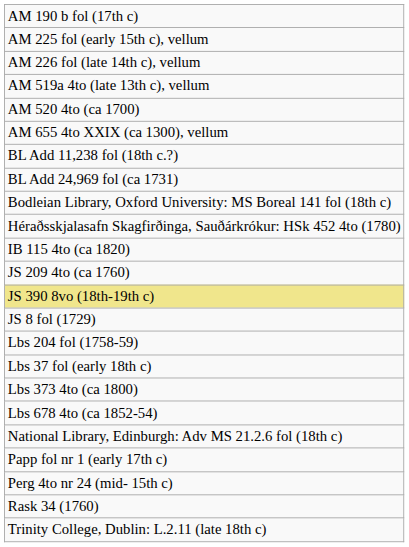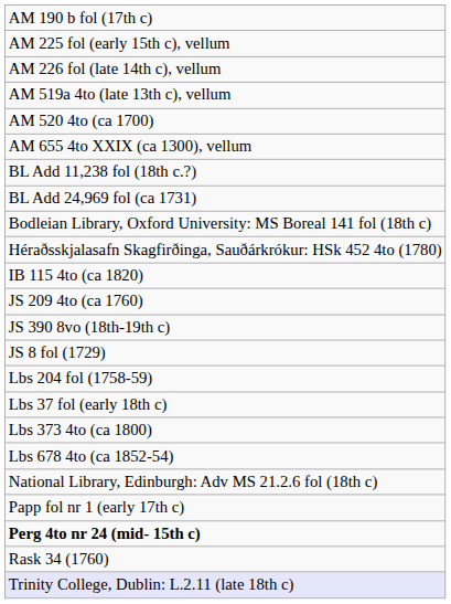 <table class="wikitable">
 <tr>
 <td>AM 190 b fol (17th c)</td>
 </tr>
 <tr>
 <td>AM 225 fol (early 15th c), vellum</td>
 </tr>
 <tr>
 <td>AM 226 fol (late 14th c), vellum</td>
 </tr>
 <tr>
 <td>AM 519a 4to (late 13th c), vellum</td>
 </tr>
 <tr>
 <td>AM 520 4to (ca 1700)</td>
 </tr>
 <tr>
 <td>AM 655 4to XXIX (ca 1300), vellum</td>
 </tr>
 <tr>
 <td>BL Add 11,238 fol (18th c.?)</td>
 </tr>
 <tr>
 <td>BL Add 24,969 fol (ca 1731)</td>
 </tr>
 <tr>
 <td>Bodleian Library, Oxford University: MS Boreal 141 fol (18th c)</td>
 </tr>
 <tr>
 <td>Héraðsskjalasafn Skagfirðinga, Sauðárkrókur: HSk 452 4to (1780)</td>
 </tr>
 <tr>
 <td>IB 115 4to (ca 1820)</td>
 </tr>
 <tr>
 <td>JS 209 4to (ca 1760)</td>
 </tr>
 <tr>
-<td style="background: khaki;">JS 390 8vo (18th-19th c)</td>
+<td>JS 390 8vo (18th-19th c)</td>
 </tr>
 <tr>
 <td>JS 8 fol (1729)</td>
 </tr>
 <tr>
 <td>Lbs 204 fol (1758-59)</td>
 </tr>
 <tr>
 <td>Lbs 37 fol (early 18th c)</td>
 </tr>
 <tr>
 <td>Lbs 373 4to (ca 1800)</td>
 </tr>
 <tr>
 <td>Lbs 678 4to (ca 1852-54)</td>
 </tr>
 <tr>
 <td>National Library, Edinburgh: Adv MS 21.2.6 fol (18th c)</td>
 </tr>
 <tr>
 <td>Papp fol nr 1 (early 17th c)</td>
 </tr>
 <tr>
-<td>Perg 4to nr 24 (mid- 15th c)</td>
+<td><strong>Perg 4to nr 24 (mid- 15th c)</strong></td>
 </tr>
 <tr>
 <td>Rask 34 (1760)</td>
 </tr>
 <tr>
-<td>Trinity College, Dublin: L.2.11 (late 18th c)</td>
+<td style="background: lavender;">Trinity College, Dublin: L.2.11 (late 18th c)</td>
 </tr>
 </table>
